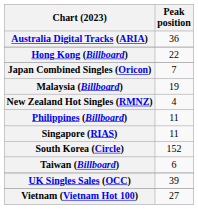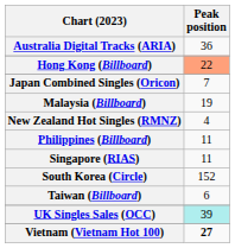 <table class="wikitable sortable plainrowheaders" style="text-align:center">
 <tr>
 <th scope="col">Chart (2023)</th>
 <th scope="col">Peak<br>position</th>
 </tr>
 <tr>
 <th scope="row"><a href='#'>Australia Digital Tracks</a> (<a href='#'>ARIA</a>)</th>
 <td>36</td>
 </tr>
 <tr>
 </tr>
 <tr>
 </tr>
 <tr>
 <th scope="row"><a href='#'>Hong Kong</a> (<em><a href='#'>Billboard</a></em>)</th>
-<td>22</td>
+<td style="background: lightsalmon;">22</td>
 </tr>
 <tr>
 </tr>
 <tr>
 </tr>
 <tr>
 <th scope="row">Japan Combined Singles (<a href='#'>Oricon</a>)</th>
 <td>7</td>
 </tr>
 <tr>
 <th scope="row">Malaysia (<em><a href='#'>Billboard</a></em>)</th>
 <td>19</td>
 </tr>
 <tr>
 <th scope="row">New Zealand Hot Singles (<a href='#'>RMNZ</a>)</th>
 <td>4</td>
 </tr>
 <tr>
 <th scope="row"><a href='#'>Philippines</a> (<em><a href='#'>Billboard</a></em>)</th>
 <td>11</td>
 </tr>
 <tr>
 <th scope="row">Singapore (<a href='#'>RIAS</a>)</th>
 <td>11</td>
 </tr>
 <tr>
 <th scope="row">South Korea (<a href='#'>Circle</a>)</th>
 <td>152</td>
 </tr>
 <tr>
 <th scope="row">Taiwan (<em><a href='#'>Billboard</a></em>)</th>
 <td>6</td>
 </tr>
 <tr>
 </tr>
 <tr>
 </tr>
 <tr>
 <th scope="row"><a href='#'>UK Singles Sales</a> (<a href='#'>OCC</a>)</th>
-<td>39</td>
+<td style="background: paleturquoise;">39</td>
 </tr>
 <tr>
 </tr>
 <tr>
 <th scope="row">Vietnam (<a href='#'>Vietnam Hot 100</a>)</th>
-<td>27</td>
+<td><strong>27</strong></td>
 </tr>
 </table>
